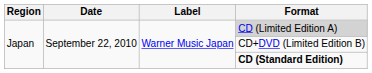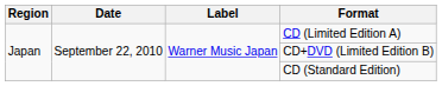 <table class="wikitable">
 <tr>
 <th>Region</th>
 <th>Date</th>
 <th>Label</th>
 <th>Format</th>
 </tr>
 <tr>
 <td rowspan="3">Japan</td>
 <td rowspan="3">September 22, 2010</td>
 <td rowspan="3"><a href='#'>Warner Music Japan</a></td>
-<td style="background: lightgrey;"><a href='#'>CD</a> (Limited Edition A)</td>
+<td><a href='#'>CD</a> (Limited Edition A)</td>
 </tr>
 <tr>
 <td>CD+<a href='#'>DVD</a> (Limited Edition B)</td>
 </tr>
 <tr>
-<td><strong>CD (Standard Edition)</strong></td>
+<td>CD (Standard Edition)</td>
 </tr>
 </table>
